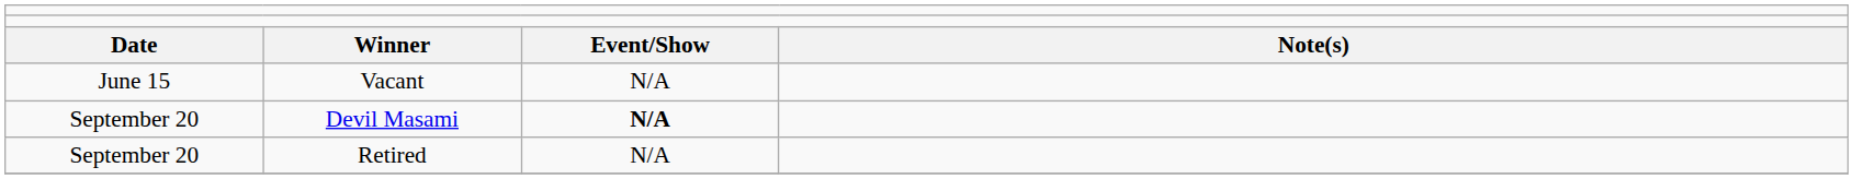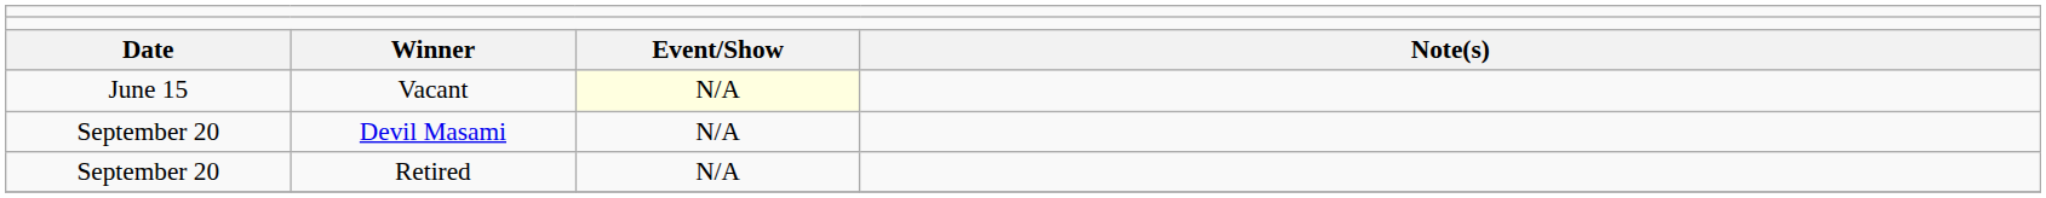 <table class="wikitable" style="text-align:center; width:100%;">
 <tr>
 <td colspan="5"></td>
 </tr>
 <tr>
 <td colspan="5"><strong></strong></td>
 </tr>
 <tr>
 <th width=14%>Date</th>
 <th width=14%>Winner</th>
 <th width=14%>Event/Show</th>
 <th width=58%>Note(s)</th>
 </tr>
 <tr>
 <td>June 15</td>
 <td>Vacant</td>
-<td>N/A</td>
+<td style="background: lightyellow;">N/A</td>
 <td align=left></td>
 </tr>
 <tr>
 <td>September 20</td>
 <td><a href='#'>Devil Masami</a></td>
-<td><strong>N/A</strong></td>
+<td>N/A</td>
 <td align=left></td>
 </tr>
 <tr>
 <td>September 20</td>
 <td>Retired</td>
 <td>N/A</td>
 <td align=left></td>
 </tr>
 <tr>
 </tr>
 </table>
